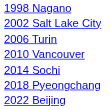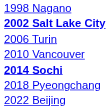 <table>
 <tr>
 <td><a href='#'>1998 Nagano</a><br></td>
 <td></td>
 <td></td>
 <td></td>
 </tr>
 <tr>
-<td><a href='#'>2002 Salt Lake City</a><br></td>
+<td><strong><a href='#'>2002 Salt Lake City</a><br></strong></td>
 <td></td>
 <td></td>
 <td></td>
 </tr>
 <tr>
 <td><a href='#'>2006 Turin</a><br></td>
 <td></td>
 <td></td>
 <td></td>
 </tr>
 <tr>
 <td><a href='#'>2010 Vancouver</a><br></td>
 <td></td>
 <td></td>
 <td></td>
 </tr>
 <tr>
-<td><a href='#'>2014 Sochi</a><br></td>
+<td><strong><a href='#'>2014 Sochi</a><br></strong></td>
 <td></td>
 <td></td>
 <td></td>
 </tr>
 <tr>
 <td><a href='#'>2018 Pyeongchang</a><br></td>
 <td></td>
 <td></td>
 <td></td>
 </tr>
 <tr>
 <td><a href='#'>2022 Beijing</a><br></td>
 <td></td>
 <td></td>
 <td></td>
 </tr>
 </table>
